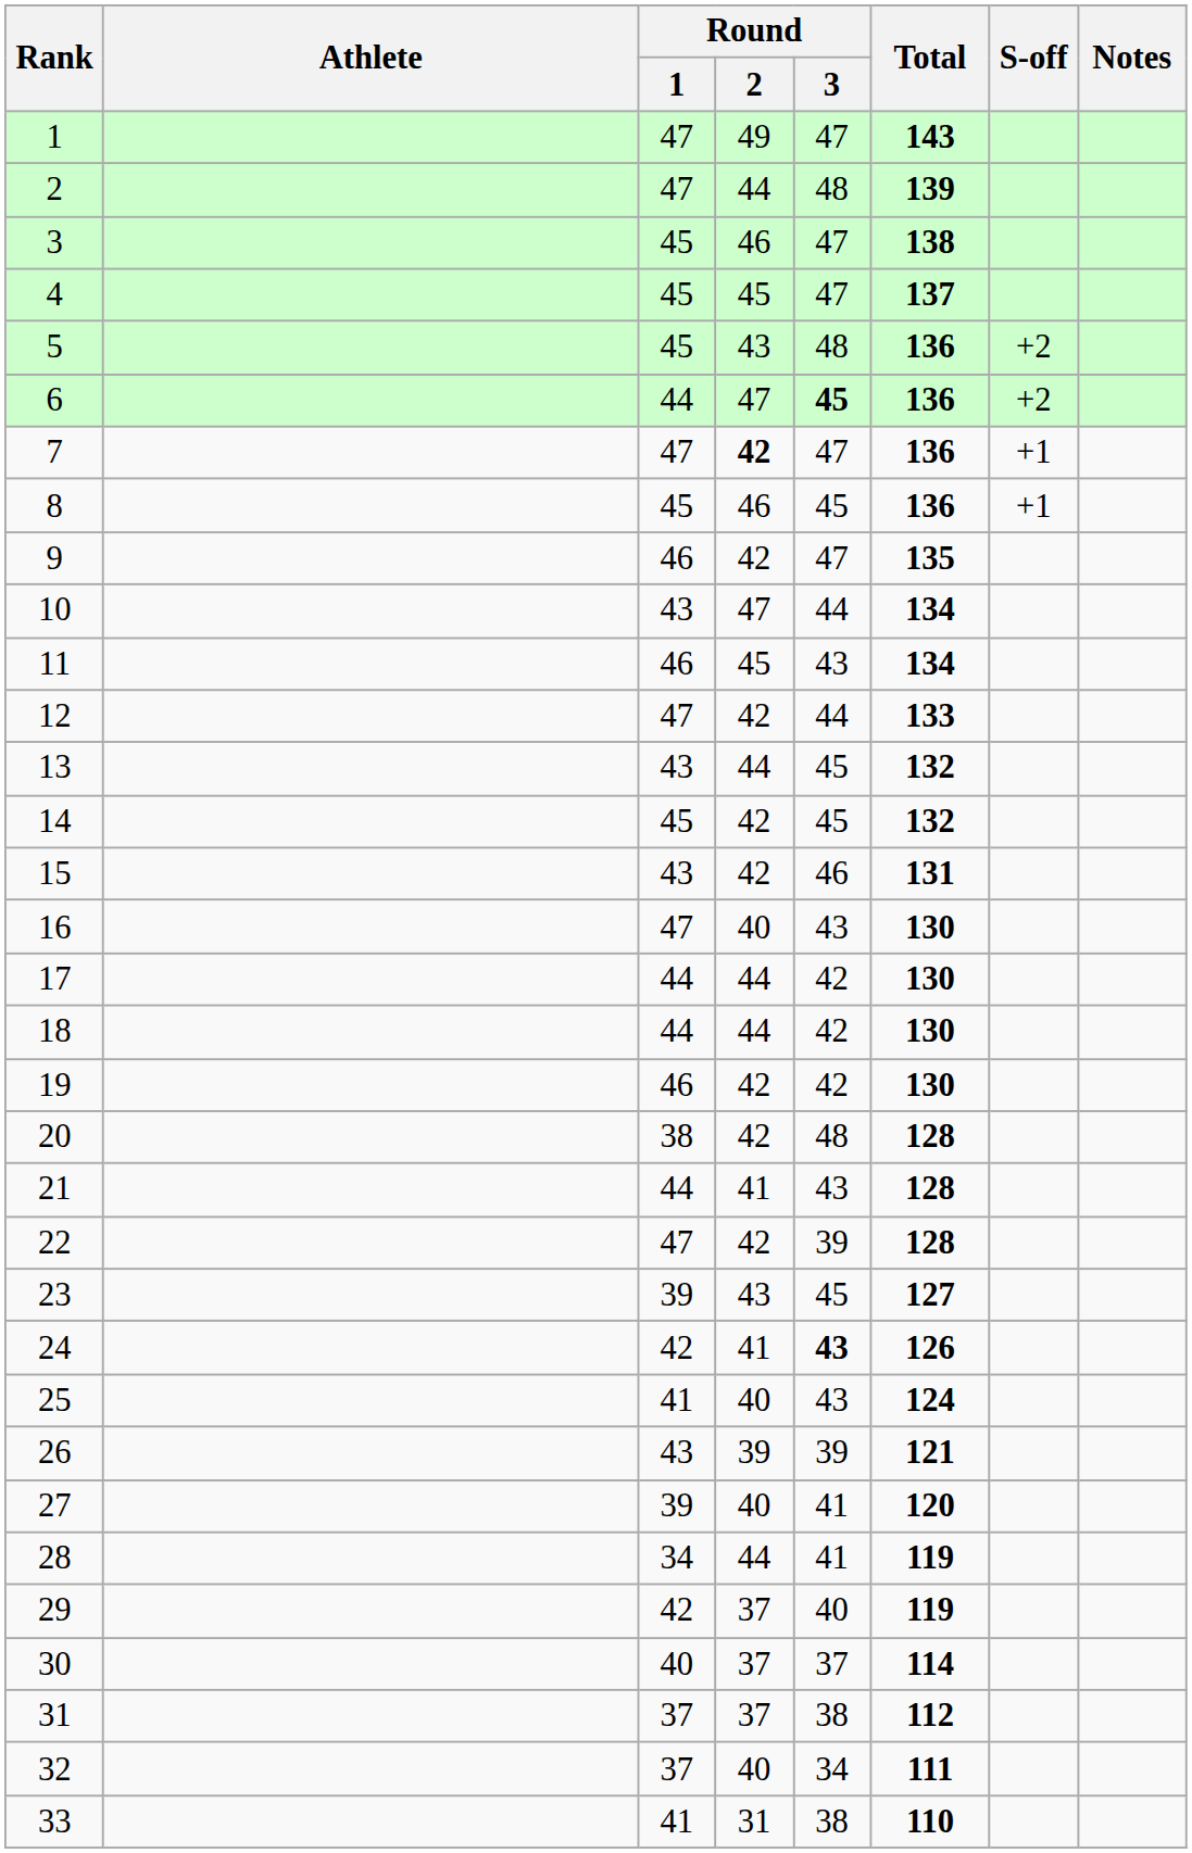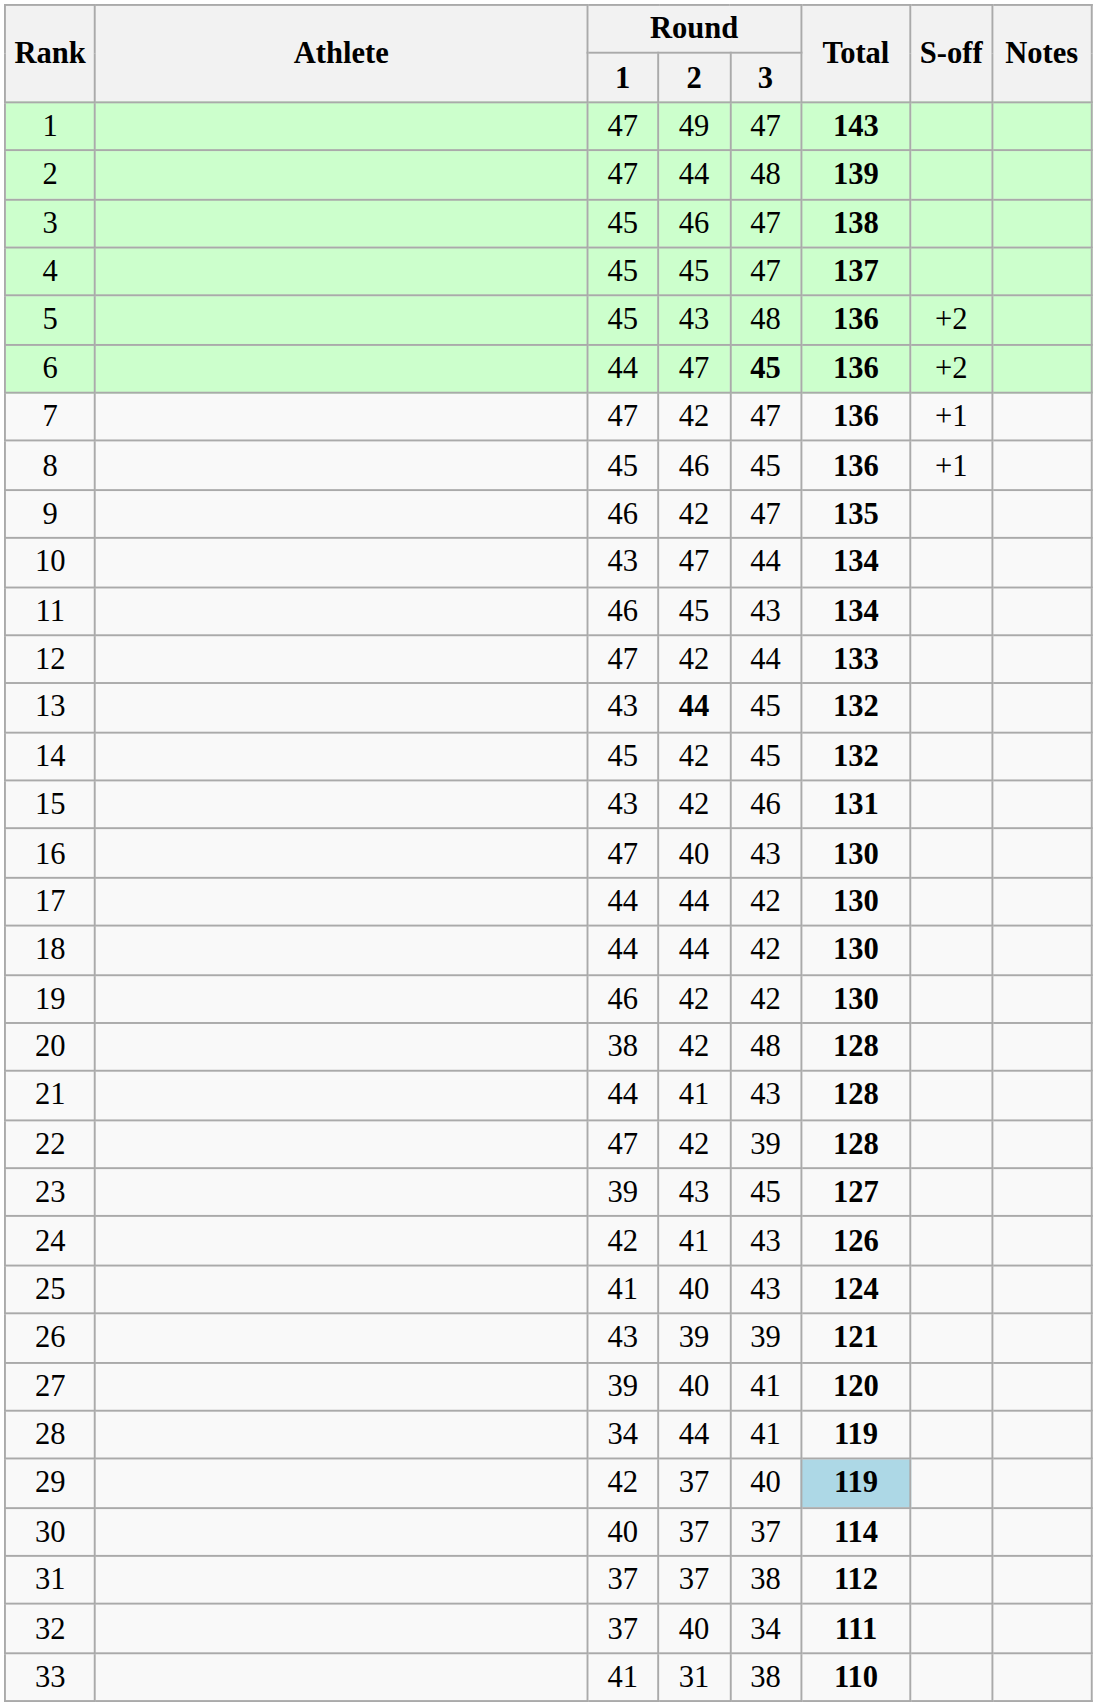 <table class="wikitable" style="text-align:center">
 <tr>
 <th rowspan=2 width=40>Rank</th>
 <th rowspan=2 width=250>Athlete</th>
 <th colspan=3>Round</th>
 <th rowspan=2 width=50>Total</th>
 <th rowspan=2 width=35>S-off</th>
 <th rowspan=2 width=45>Notes</th>
 </tr>
 <tr>
 <th width=30>1</th>
 <th width=30>2</th>
 <th width=30>3</th>
 </tr>
 <tr bgcolor=ccffcc>
 <td>1</td>
 <td align=left></td>
 <td>47</td>
 <td>49</td>
 <td>47</td>
 <td><strong>143</strong></td>
 <td></td>
 <td></td>
 </tr>
 <tr bgcolor=ccffcc>
 <td>2</td>
 <td align=left></td>
 <td>47</td>
 <td>44</td>
 <td>48</td>
 <td><strong>139</strong></td>
 <td></td>
 <td></td>
 </tr>
 <tr bgcolor=ccffcc>
 <td>3</td>
 <td align=left></td>
 <td>45</td>
 <td>46</td>
 <td>47</td>
 <td><strong>138</strong></td>
 <td></td>
 <td></td>
 </tr>
 <tr bgcolor=ccffcc>
 <td>4</td>
 <td align=left></td>
 <td>45</td>
 <td>45</td>
 <td>47</td>
 <td><strong>137</strong></td>
 <td></td>
 <td></td>
 </tr>
 <tr bgcolor=ccffcc>
 <td>5</td>
 <td align=left></td>
 <td>45</td>
 <td>43</td>
 <td>48</td>
 <td><strong>136</strong></td>
 <td>+2</td>
 <td></td>
 </tr>
 <tr bgcolor=ccffcc>
 <td>6</td>
 <td align=left></td>
 <td>44</td>
 <td>47</td>
 <td><strong>45</strong></td>
 <td><strong>136</strong></td>
 <td>+2</td>
 <td></td>
 </tr>
 <tr>
 <td>7</td>
 <td align=left></td>
 <td>47</td>
-<td><strong>42</strong></td>
+<td>42</td>
 <td>47</td>
 <td><strong>136</strong></td>
 <td>+1</td>
 <td></td>
 </tr>
 <tr>
 <td>8</td>
 <td align=left></td>
 <td>45</td>
 <td>46</td>
 <td>45</td>
 <td><strong>136</strong></td>
 <td>+1</td>
 <td></td>
 </tr>
 <tr>
 <td>9</td>
 <td align=left></td>
 <td>46</td>
 <td>42</td>
 <td>47</td>
 <td><strong>135</strong></td>
 <td></td>
 <td></td>
 </tr>
 <tr>
 <td>10</td>
 <td align=left></td>
 <td>43</td>
 <td>47</td>
 <td>44</td>
 <td><strong>134</strong></td>
 <td></td>
 <td></td>
 </tr>
 <tr>
 <td>11</td>
 <td align=left></td>
 <td>46</td>
 <td>45</td>
 <td>43</td>
 <td><strong>134</strong></td>
 <td></td>
 <td></td>
 </tr>
 <tr>
 <td>12</td>
 <td align=left></td>
 <td>47</td>
 <td>42</td>
 <td>44</td>
 <td><strong>133</strong></td>
 <td></td>
 <td></td>
 </tr>
 <tr>
 <td>13</td>
 <td align=left></td>
 <td>43</td>
-<td>44</td>
+<td><strong>44</strong></td>
 <td>45</td>
 <td><strong>132</strong></td>
 <td></td>
 <td></td>
 </tr>
 <tr>
 <td>14</td>
 <td align=left></td>
 <td>45</td>
 <td>42</td>
 <td>45</td>
 <td><strong>132</strong></td>
 <td></td>
 <td></td>
 </tr>
 <tr>
 <td>15</td>
 <td align=left></td>
 <td>43</td>
 <td>42</td>
 <td>46</td>
 <td><strong>131</strong></td>
 <td></td>
 <td></td>
 </tr>
 <tr>
 <td>16</td>
 <td align=left></td>
 <td>47</td>
 <td>40</td>
 <td>43</td>
 <td><strong>130</strong></td>
 <td></td>
 <td></td>
 </tr>
 <tr>
 <td>17</td>
 <td align=left></td>
 <td>44</td>
 <td>44</td>
 <td>42</td>
 <td><strong>130</strong></td>
 <td></td>
 <td></td>
 </tr>
 <tr>
 <td>18</td>
 <td align=left></td>
 <td>44</td>
 <td>44</td>
 <td>42</td>
 <td><strong>130</strong></td>
 <td></td>
 <td></td>
 </tr>
 <tr>
 <td>19</td>
 <td align=left></td>
 <td>46</td>
 <td>42</td>
 <td>42</td>
 <td><strong>130</strong></td>
 <td></td>
 <td></td>
 </tr>
 <tr>
 <td>20</td>
 <td align=left></td>
 <td>38</td>
 <td>42</td>
 <td>48</td>
 <td><strong>128</strong></td>
 <td></td>
 <td></td>
 </tr>
 <tr>
 <td>21</td>
 <td align=left></td>
 <td>44</td>
 <td>41</td>
 <td>43</td>
 <td><strong>128</strong></td>
 <td></td>
 <td></td>
 </tr>
 <tr>
 <td>22</td>
 <td align=left></td>
 <td>47</td>
 <td>42</td>
 <td>39</td>
 <td><strong>128</strong></td>
 <td></td>
 <td></td>
 </tr>
 <tr>
 <td>23</td>
 <td align=left></td>
 <td>39</td>
 <td>43</td>
 <td>45</td>
 <td><strong>127</strong></td>
 <td></td>
 <td></td>
 </tr>
 <tr>
 <td>24</td>
 <td align=left></td>
 <td>42</td>
 <td>41</td>
-<td><strong>43</strong></td>
+<td>43</td>
 <td><strong>126</strong></td>
 <td></td>
 <td></td>
 </tr>
 <tr>
 <td>25</td>
 <td align=left></td>
 <td>41</td>
 <td>40</td>
 <td>43</td>
 <td><strong>124</strong></td>
 <td></td>
 <td></td>
 </tr>
 <tr>
 <td>26</td>
 <td align=left></td>
 <td>43</td>
 <td>39</td>
 <td>39</td>
 <td><strong>121</strong></td>
 <td></td>
 <td></td>
 </tr>
 <tr>
 <td>27</td>
 <td align=left></td>
 <td>39</td>
 <td>40</td>
 <td>41</td>
 <td><strong>120</strong></td>
 <td></td>
 <td></td>
 </tr>
 <tr>
 <td>28</td>
 <td align=left></td>
 <td>34</td>
 <td>44</td>
 <td>41</td>
 <td><strong>119</strong></td>
 <td></td>
 <td></td>
 </tr>
 <tr>
 <td>29</td>
 <td align=left></td>
 <td>42</td>
 <td>37</td>
 <td>40</td>
-<td><strong>119</strong></td>
+<td style="background: lightblue;"><strong>119</strong></td>
 <td></td>
 <td></td>
 </tr>
 <tr>
 <td>30</td>
 <td align=left></td>
 <td>40</td>
 <td>37</td>
 <td>37</td>
 <td><strong>114</strong></td>
 <td></td>
 <td></td>
 </tr>
 <tr>
 <td>31</td>
 <td align=left></td>
 <td>37</td>
 <td>37</td>
 <td>38</td>
 <td><strong>112</strong></td>
 <td></td>
 <td></td>
 </tr>
 <tr>
 <td>32</td>
 <td align=left></td>
 <td>37</td>
 <td>40</td>
 <td>34</td>
 <td><strong>111</strong></td>
 <td></td>
 <td></td>
 </tr>
 <tr>
 <td>33</td>
 <td align=left></td>
 <td>41</td>
 <td>31</td>
 <td>38</td>
 <td><strong>110</strong></td>
 <td></td>
 <td></td>
 </tr>
 </table>
